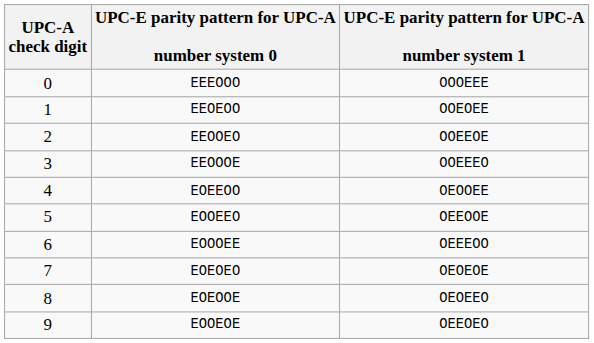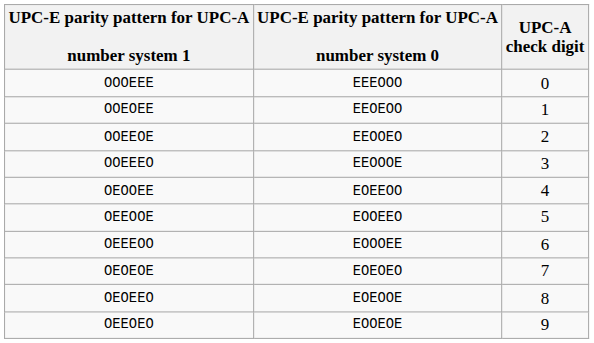 <table class="wikitable" style="text-align:center;">
 <tr>
+<th>UPC-E parity pattern for UPC-A<br><br>number system 1</th>
+<th>UPC-E parity pattern for UPC-A<br><br>number system 0</th>
 <th>UPC-A <br>check digit</th>
-<th>UPC-E parity pattern for UPC-A<br><br>number system 0</th>
-<th>UPC-E parity pattern for UPC-A<br><br>number system 1</th>
 </tr>
 <tr>
+<td style="font-family:monospace;">OOOEEE</td>
+<td style="font-family:monospace;">EEEOOO</td>
 <td>0</td>
-<td style="font-family:monospace;">EEEOOO</td>
-<td style="font-family:monospace;">OOOEEE</td>
 </tr>
 <tr>
+<td style="font-family:monospace;">OOEOEE</td>
+<td style="font-family:monospace;">EEOEOO</td>
 <td>1</td>
-<td style="font-family:monospace;">EEOEOO</td>
-<td style="font-family:monospace;">OOEOEE</td>
 </tr>
 <tr>
+<td style="font-family:monospace;">OOEEOE</td>
+<td style="font-family:monospace;">EEOOEO</td>
 <td>2</td>
-<td style="font-family:monospace;">EEOOEO</td>
-<td style="font-family:monospace;">OOEEOE</td>
 </tr>
 <tr>
+<td style="font-family:monospace;">OOEEEO</td>
+<td style="font-family:monospace;">EEOOOE</td>
 <td>3</td>
-<td style="font-family:monospace;">EEOOOE</td>
-<td style="font-family:monospace;">OOEEEO</td>
 </tr>
 <tr>
+<td style="font-family:monospace;">OEOOEE</td>
+<td style="font-family:monospace;">EOEEOO</td>
 <td>4</td>
-<td style="font-family:monospace;">EOEEOO</td>
-<td style="font-family:monospace;">OEOOEE</td>
 </tr>
 <tr>
+<td style="font-family:monospace;">OEEOOE</td>
+<td style="font-family:monospace;">EOOEEO</td>
 <td>5</td>
-<td style="font-family:monospace;">EOOEEO</td>
-<td style="font-family:monospace;">OEEOOE</td>
 </tr>
 <tr>
+<td style="font-family:monospace;">OEEEOO</td>
+<td style="font-family:monospace;">EOOOEE</td>
 <td>6</td>
-<td style="font-family:monospace;">EOOOEE</td>
-<td style="font-family:monospace;">OEEEOO</td>
 </tr>
 <tr>
+<td style="font-family:monospace;">OEOEOE</td>
+<td style="font-family:monospace;">EOEOEO</td>
 <td>7</td>
-<td style="font-family:monospace;">EOEOEO</td>
-<td style="font-family:monospace;">OEOEOE</td>
 </tr>
 <tr>
+<td style="font-family:monospace;">OEOEEO</td>
+<td style="font-family:monospace;">EOEOOE</td>
 <td>8</td>
-<td style="font-family:monospace;">EOEOOE</td>
-<td style="font-family:monospace;">OEOEEO</td>
 </tr>
 <tr>
+<td style="font-family:monospace;">OEEOEO</td>
+<td style="font-family:monospace;">EOOEOE</td>
 <td>9</td>
-<td style="font-family:monospace;">EOOEOE</td>
-<td style="font-family:monospace;">OEEOEO</td>
 </tr>
 </table>
